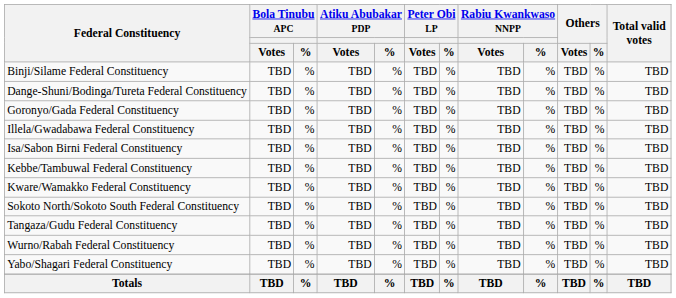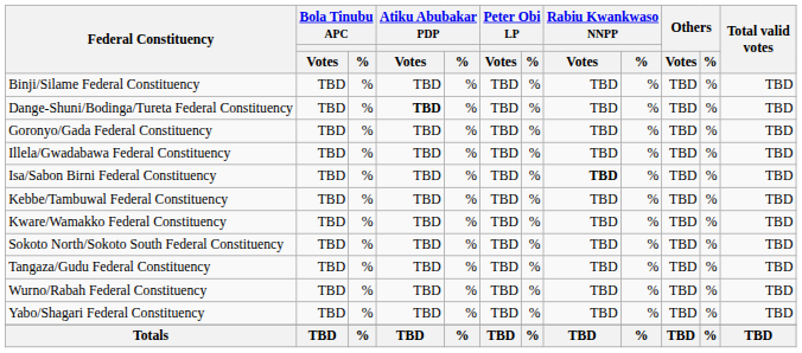 <table class="wikitable sortable" style="text-align:right; font-size:90%">
 <tr>
 <th rowspan="3" style="max-width:7.5em;">Federal Constituency</th>
 <th colspan="2"><a href='#'>Bola Tinubu</a><br><small>APC</small></th>
 <th colspan="2"><a href='#'>Atiku Abubakar</a><br><small>PDP</small></th>
 <th colspan="2"><a href='#'>Peter Obi</a><br><small>LP</small></th>
 <th colspan="2"><a href='#'>Rabiu Kwankwaso</a><br><small>NNPP</small></th>
 <th colspan="2" rowspan="2">Others</th>
 <th rowspan="3" style="max-width:5em;">Total valid votes</th>
 </tr>
 <tr>
 <th colspan=2 style="background-color:"></th>
 <th colspan=2 style="background-color:"></th>
 <th colspan=2 style="background-color:"></th>
 <th colspan=2 style="background-color:"></th>
 </tr>
 <tr>
 <th>Votes</th>
 <th>%</th>
 <th>Votes</th>
 <th>%</th>
 <th>Votes</th>
 <th>%</th>
 <th>Votes</th>
 <th>%</th>
 <th>Votes</th>
 <th>%</th>
 </tr>
 <tr style="background-color:#">
 <td style="text-align:left;">Binji/Silame Federal Constituency</td>
 <td>TBD</td>
 <td>%</td>
 <td>TBD</td>
 <td>%</td>
 <td>TBD</td>
 <td>%</td>
 <td>TBD</td>
 <td>%</td>
 <td>TBD</td>
 <td>%</td>
 <td>TBD</td>
 </tr>
 <tr style="background-color:#">
 <td style="text-align:left;">Dange-Shuni/Bodinga/Tureta Federal Constituency</td>
 <td>TBD</td>
 <td>%</td>
-<td>TBD</td>
+<td><strong>TBD</strong></td>
 <td>%</td>
 <td>TBD</td>
 <td>%</td>
 <td>TBD</td>
 <td>%</td>
 <td>TBD</td>
 <td>%</td>
 <td>TBD</td>
 </tr>
 <tr style="background-color:#">
 <td style="text-align:left;">Goronyo/Gada Federal Constituency</td>
 <td>TBD</td>
 <td>%</td>
 <td>TBD</td>
 <td>%</td>
 <td>TBD</td>
 <td>%</td>
 <td>TBD</td>
 <td>%</td>
 <td>TBD</td>
 <td>%</td>
 <td>TBD</td>
 </tr>
 <tr style="background-color:#">
 <td style="text-align:left;">Illela/Gwadabawa Federal Constituency</td>
 <td>TBD</td>
 <td>%</td>
 <td>TBD</td>
 <td>%</td>
 <td>TBD</td>
 <td>%</td>
 <td>TBD</td>
 <td>%</td>
 <td>TBD</td>
 <td>%</td>
 <td>TBD</td>
 </tr>
 <tr style="background-color:#">
 <td style="text-align:left;">Isa/Sabon Birni Federal Constituency</td>
 <td>TBD</td>
 <td>%</td>
 <td>TBD</td>
 <td>%</td>
 <td>TBD</td>
 <td>%</td>
-<td>TBD</td>
+<td><strong>TBD</strong></td>
 <td>%</td>
 <td>TBD</td>
 <td>%</td>
 <td>TBD</td>
 </tr>
 <tr style="background-color:#">
 <td style="text-align:left;">Kebbe/Tambuwal Federal Constituency</td>
 <td>TBD</td>
 <td>%</td>
 <td>TBD</td>
 <td>%</td>
 <td>TBD</td>
 <td>%</td>
 <td>TBD</td>
 <td>%</td>
 <td>TBD</td>
 <td>%</td>
 <td>TBD</td>
 </tr>
 <tr style="background-color:#">
 <td style="text-align:left;">Kware/Wamakko Federal Constituency</td>
 <td>TBD</td>
 <td>%</td>
 <td>TBD</td>
 <td>%</td>
 <td>TBD</td>
 <td>%</td>
 <td>TBD</td>
 <td>%</td>
 <td>TBD</td>
 <td>%</td>
 <td>TBD</td>
 </tr>
 <tr style="background-color:#">
 <td style="text-align:left;">Sokoto North/Sokoto South Federal Constituency</td>
 <td>TBD</td>
 <td>%</td>
 <td>TBD</td>
 <td>%</td>
 <td>TBD</td>
 <td>%</td>
 <td>TBD</td>
 <td>%</td>
 <td>TBD</td>
 <td>%</td>
 <td>TBD</td>
 </tr>
 <tr style="background-color:#">
 <td style="text-align:left;">Tangaza/Gudu Federal Constituency</td>
 <td>TBD</td>
 <td>%</td>
 <td>TBD</td>
 <td>%</td>
 <td>TBD</td>
 <td>%</td>
 <td>TBD</td>
 <td>%</td>
 <td>TBD</td>
 <td>%</td>
 <td>TBD</td>
 </tr>
 <tr style="background-color:#">
 <td style="text-align:left;">Wurno/Rabah Federal Constituency</td>
 <td>TBD</td>
 <td>%</td>
 <td>TBD</td>
 <td>%</td>
 <td>TBD</td>
 <td>%</td>
 <td>TBD</td>
 <td>%</td>
 <td>TBD</td>
 <td>%</td>
 <td>TBD</td>
 </tr>
 <tr style="background-color:#">
 <td style="text-align:left;">Yabo/Shagari Federal Constituency</td>
 <td>TBD</td>
 <td>%</td>
 <td>TBD</td>
 <td>%</td>
 <td>TBD</td>
 <td>%</td>
 <td>TBD</td>
 <td>%</td>
 <td>TBD</td>
 <td>%</td>
 <td>TBD</td>
 </tr>
 <tr>
 </tr>
 <tr>
 <th>Totals</th>
 <th>TBD</th>
 <th>%</th>
 <th>TBD</th>
 <th>%</th>
 <th>TBD</th>
 <th>%</th>
 <th>TBD</th>
 <th>%</th>
 <th>TBD</th>
 <th>%</th>
 <th>TBD</th>
 </tr>
 </table>
